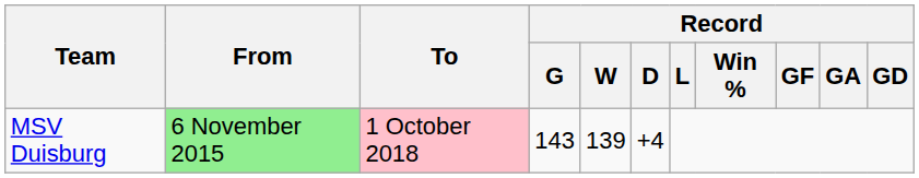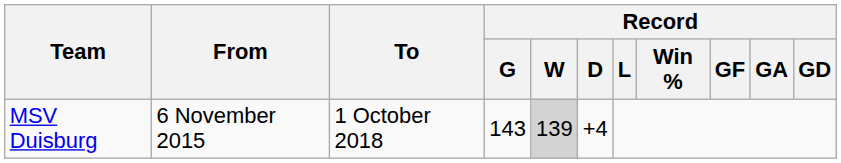 <table class="wikitable" style="text-align: center">
 <tr>
 <th rowspan=2>Team</th>
 <th rowspan=2>From</th>
 <th rowspan=2>To</th>
 <th colspan=8>Record</th>
 </tr>
 <tr>
 <th>G</th>
 <th>W</th>
 <th>D</th>
 <th>L</th>
 <th>Win %</th>
 <th>GF</th>
 <th>GA</th>
 <th>GD</th>
 </tr>
 <tr>
 <td align=left><a href='#'>MSV Duisburg</a></td>
-<td align=left style="background: lightgreen;">6 November 2015</td>
-<td align=left style="background: pink;">1 October 2018<br></td>
+<td align=left>6 November 2015</td>
+<td align=left>1 October 2018<br></td>
 <td align=centre>143</td>
-<td align=centre>139</td>
+<td align=centre style="background: lightgrey;">139</td>
 <td align=centre>+4</td>
 </tr>
 </table>
